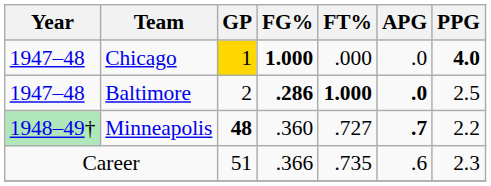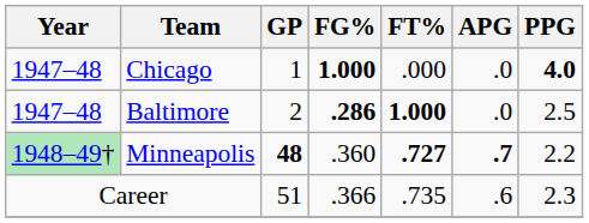 <table class="wikitable sortable" style="font-size:95%; text-align:right;">
 <tr>
 <th>Year</th>
 <th>Team</th>
 <th>GP</th>
 <th>FG%</th>
 <th>FT%</th>
 <th>APG</th>
 <th>PPG</th>
 </tr>
 <tr>
 <td style="text-align:left;"><a href='#'>1947–48</a></td>
 <td style="text-align:left;"><a href='#'>Chicago</a></td>
-<td style="background: gold;">1</td>
+<td>1</td>
 <td><strong>1.000</strong></td>
 <td>.000</td>
 <td>.0</td>
 <td><strong>4.0</strong></td>
 </tr>
 <tr>
 <td style="text-align:left;"><a href='#'>1947–48</a></td>
 <td style="text-align:left;"><a href='#'>Baltimore</a></td>
 <td>2</td>
 <td><strong>.286</strong></td>
 <td><strong>1.000</strong></td>
-<td><strong>.0</strong></td>
+<td>.0</td>
 <td>2.5</td>
 </tr>
 <tr>
 <td style="text-align:left; background:#afe6ba;"><a href='#'>1948–49</a>†</td>
 <td style="text-align:left;"><a href='#'>Minneapolis</a></td>
 <td><strong>48</strong></td>
 <td>.360</td>
-<td>.727</td>
+<td><strong>.727</strong></td>
 <td><strong>.7</strong></td>
 <td>2.2</td>
 </tr>
 <tr>
 <td style="text-align:center;" colspan="2">Career</td>
 <td>51</td>
 <td>.366</td>
 <td>.735</td>
 <td>.6</td>
 <td>2.3</td>
 </tr>
 <tr>
 </tr>
 </table>
